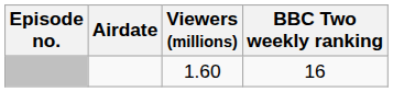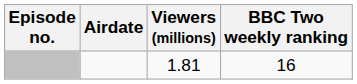 <table class="wikitable" style="text-align:center;">
 <tr>
 <th scope="col">Episode<br>no.</th>
 <th scope="col">Airdate</th>
 <th scope="col">Viewers<br><small>(millions)</small></th>
 <th scope="col">BBC Two<br>weekly ranking</th>
 </tr>
 <tr>
 <th scope="row" style="background:silver;"></th>
 <td></td>
-<td>1.60</td>
+<td>1.81</td>
 <td>16</td>
 </tr>
 </table>
